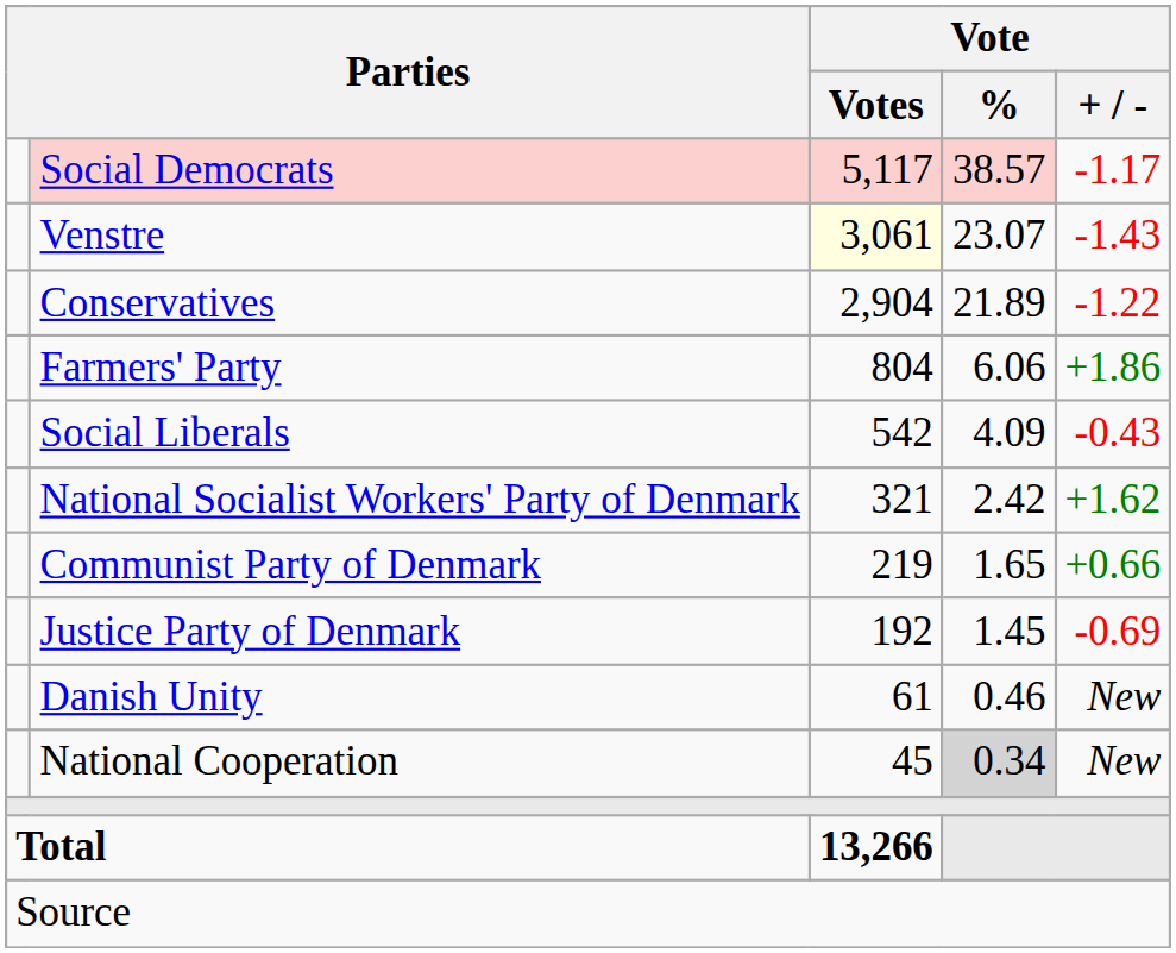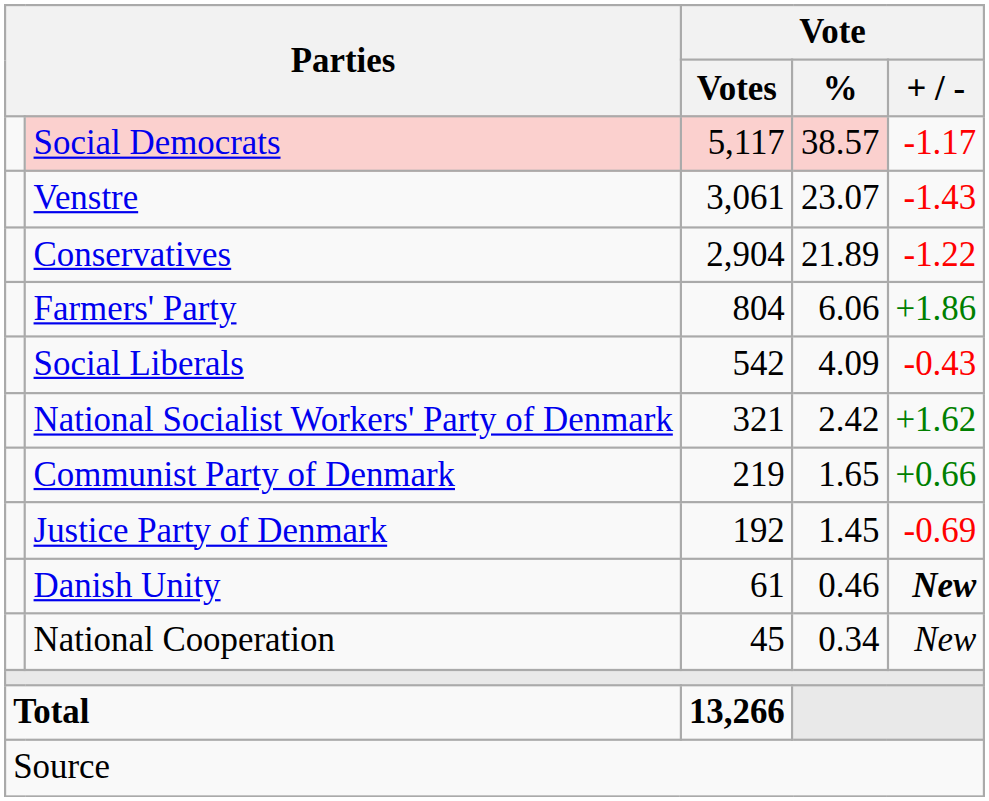 <table class="wikitable" style="text-align:right;">
 <tr>
 <th style="text-align:centre;" rowspan="2" colspan="2" width="225">Parties</th>
 <th colspan="3">Vote</th>
 </tr>
 <tr>
 <th width="15">Votes</th>
 <th width="15">%</th>
 <th width="15">+ / -</th>
 </tr>
 <tr>
 <td width="2" style="color:inherit;background:"></td>
 <td bgcolor=#fbd0ce  align="left"><a href='#'>Social Democrats</a></td>
 <td bgcolor=#fbd0ce>5,117</td>
 <td bgcolor=#fbd0ce>38.57</td>
 <td style=color:red;>-1.17</td>
 </tr>
 <tr>
 <td width="2" style="color:inherit;background:"></td>
 <td align="left"><a href='#'>Venstre</a></td>
-<td style="background: lightyellow;">3,061</td>
+<td>3,061</td>
 <td>23.07</td>
 <td style=color:red;>-1.43</td>
 </tr>
 <tr>
 <td width="2" style="color:inherit;background:"></td>
 <td align="left"><a href='#'>Conservatives</a></td>
 <td>2,904</td>
 <td>21.89</td>
 <td style=color:red;>-1.22</td>
 </tr>
 <tr>
 <td width="2" style="color:inherit;background:"></td>
 <td align="left"><a href='#'>Farmers' Party</a></td>
 <td>804</td>
 <td>6.06</td>
 <td style=color:green;>+1.86</td>
 </tr>
 <tr>
 <td width="2" style="color:inherit;background:"></td>
 <td align="left"><a href='#'>Social Liberals</a></td>
 <td>542</td>
 <td>4.09</td>
 <td style=color:red;>-0.43</td>
 </tr>
 <tr>
 <td width="2" style="color:inherit;background:"></td>
 <td align="left"><a href='#'>National Socialist Workers' Party of Denmark</a></td>
 <td>321</td>
 <td>2.42</td>
 <td style=color:green;>+1.62</td>
 </tr>
 <tr>
 <td width="2" style="color:inherit;background:"></td>
 <td align="left"><a href='#'>Communist Party of Denmark</a></td>
 <td>219</td>
 <td>1.65</td>
 <td style=color:green;>+0.66</td>
 </tr>
 <tr>
 <td width="2" style="color:inherit;background:"></td>
 <td align="left"><a href='#'>Justice Party of Denmark</a></td>
 <td>192</td>
 <td>1.45</td>
 <td style=color:red;>-0.69</td>
 </tr>
 <tr>
 <td width="2" style="color:inherit;background:"></td>
 <td align="left"><a href='#'>Danish Unity</a></td>
 <td>61</td>
 <td>0.46</td>
-<td><em>New</em></td>
+<td><strong><em>New</em></strong></td>
 </tr>
 <tr>
 <td width="2" style="color:inherit;background:"></td>
 <td align="left">National Cooperation</td>
 <td>45</td>
-<td style="background: lightgrey;">0.34</td>
+<td>0.34</td>
 <td><em>New</em></td>
 </tr>
 <tr>
 <td colspan="7" bgcolor="#E9E9E9"></td>
 </tr>
 <tr>
 <td align="left" colspan="2"><strong>Total</strong></td>
 <td><strong>13,266</strong></td>
 <td bgcolor="#E9E9E9" colspan="2"></td>
 </tr>
 <tr>
 <td align="left" colspan="6">Source</td>
 </tr>
 </table>
